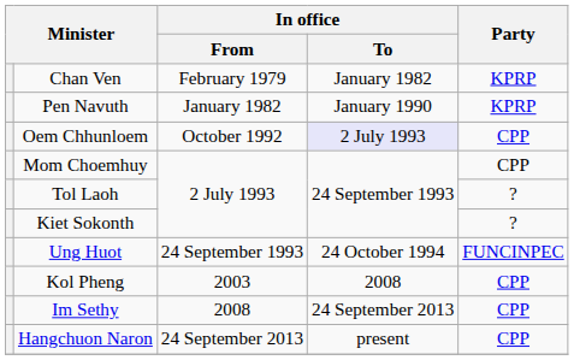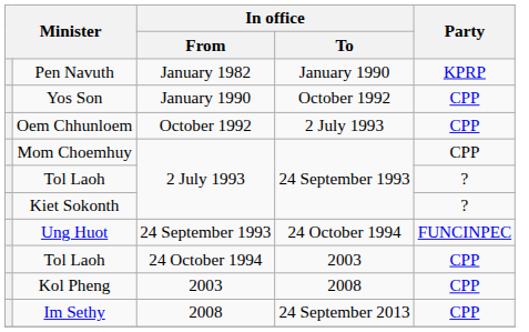 <table class="wikitable sortable" style="text-align:Center;">
 <tr>
 <th class="unsortable" rowspan="2" colspan="2">Minister</th>
 <th class="unsortable" colspan="2">In office</th>
 <th class="unsortable" rowspan="2">Party</th>
 </tr>
 <tr>
 <th class="unsortable">From</th>
 <th class="unsortable">To</th>
 </tr>
 <tr>
 <th style="background:"></th>
-<td>Chan Ven</td>
-<td>February 1979</td>
-<td>January 1982</td>
-<td><a href='#'>KPRP</a></td>
-</tr>
-<tr>
-<th style="background:"></th>
 <td>Pen Navuth</td>
 <td>January 1982</td>
 <td>January 1990</td>
 <td><a href='#'>KPRP</a></td>
 </tr>
 <tr>
 <th style="background:"></th>
+<td>Yos Son</td>
+<td>January 1990</td>
+<td>October 1992</td>
+<td><a href='#'>CPP</a></td>
+</tr>
+<tr>
+<th style="background:"></th>
 <td>Oem Chhunloem</td>
 <td>October 1992</td>
-<td style="background: lavender;">2 July 1993</td>
+<td>2 July 1993</td>
 <td><a href='#'>CPP</a></td>
 </tr>
 <tr>
 <th style="background:"></th>
 <td>Mom Choemhuy</td>
 <td rowspan="3">2 July 1993</td>
 <td rowspan="3">24 September 1993</td>
 <td>CPP</td>
 </tr>
 <tr>
 <th style="background:"></th>
 <td>Tol Laoh</td>
 <td>?</td>
 </tr>
 <tr>
 <th style="background:"></th>
 <td>Kiet Sokonth</td>
 <td>?</td>
 </tr>
 <tr>
 <th style="background:"></th>
 <td><a href='#'>Ung Huot</a></td>
 <td>24 September 1993</td>
 <td>24 October 1994</td>
 <td><a href='#'>FUNCINPEC</a></td>
 </tr>
 <tr>
 <th style="background:"></th>
+<td>Tol Laoh</td>
+<td>24 October 1994</td>
+<td>2003</td>
+<td><a href='#'>CPP</a></td>
+</tr>
+<tr>
+<th style="background:"></th>
 <td>Kol Pheng</td>
 <td>2003</td>
 <td>2008</td>
 <td><a href='#'>CPP</a></td>
 </tr>
 <tr>
 <th style="background:"></th>
 <td><a href='#'>Im Sethy</a></td>
 <td>2008</td>
 <td>24 September 2013</td>
 <td><a href='#'>CPP</a></td>
 </tr>
 <tr>
-<th style="background:"></th>
-<td><a href='#'>Hangchuon Naron</a></td>
-<td>24 September 2013</td>
-<td>present</td>
-<td><a href='#'>CPP</a></td>
-</tr>
-<tr>
 </tr>
 </table>
